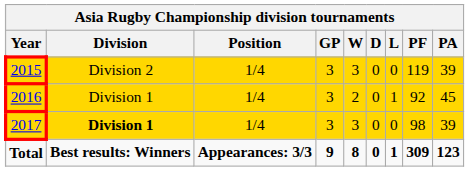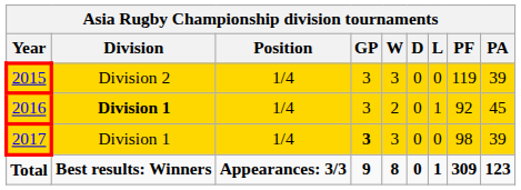 <table class="wikitable" style="text-align: center;font-size:90%;">
 <tr>
 <th colspan=9>Asia Rugby Championship division tournaments</th>
 </tr>
 <tr>
 <th>Year</th>
 <th>Division</th>
 <th>Position</th>
 <th>GP</th>
 <th>W</th>
 <th>D</th>
 <th>L</th>
 <th>PF</th>
 <th>PA</th>
 </tr>
 <tr style="background:Gold;">
 <td style="border: 3px solid red"> <a href='#'>2015</a></td>
 <td>Division 2</td>
 <td>1/4</td>
 <td>3</td>
 <td>3</td>
 <td>0</td>
 <td>0</td>
 <td>119</td>
 <td>39</td>
 </tr>
 <tr style="background:Gold;">
 <td style="border: 3px solid red"> <a href='#'>2016</a></td>
-<td>Division 1</td>
+<td><strong>Division 1</strong></td>
 <td>1/4</td>
 <td>3</td>
 <td>2</td>
 <td>0</td>
 <td>1</td>
 <td>92</td>
 <td>45</td>
 </tr>
 <tr style="background:Gold;">
 <td style="border: 3px solid red"> <a href='#'>2017</a></td>
-<td><strong>Division 1</strong></td>
+<td>Division 1</td>
 <td>1/4</td>
-<td>3</td>
+<td><strong>3</strong></td>
 <td>3</td>
 <td>0</td>
 <td>0</td>
 <td>98</td>
 <td>39</td>
 </tr>
 <tr>
 <td><strong>Total</strong></td>
 <td><strong>Best results: Winners</strong></td>
 <td><strong>Appearances: 3/3</strong></td>
 <td><strong>9</strong></td>
 <td><strong>8</strong></td>
 <td><strong>0</strong></td>
 <td><strong>1</strong></td>
 <td><strong>309</strong></td>
 <td><strong>123</strong></td>
 </tr>
 </table>
